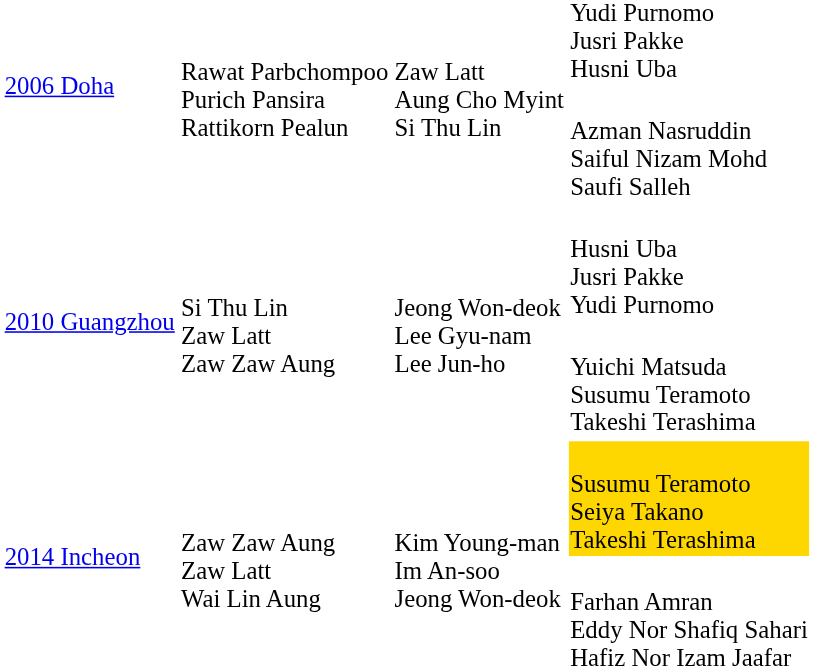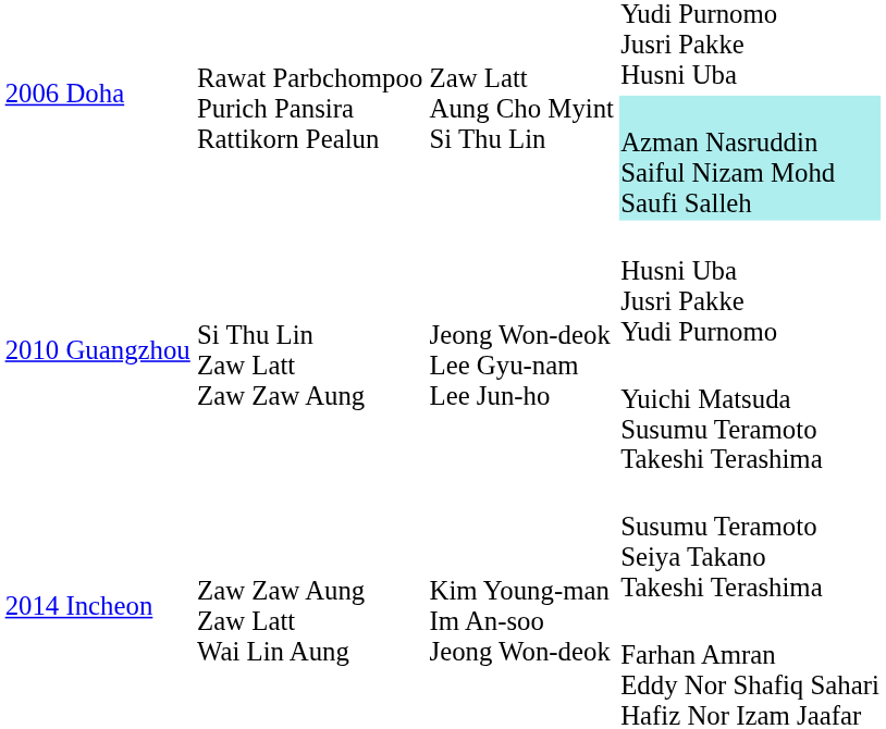 <table>
 <tr>
 <td rowspan=2><a href='#'>2006 Doha</a></td>
 <td rowspan=2><br>Rawat Parbchompoo<br>Purich Pansira<br>Rattikorn Pealun</td>
 <td rowspan=2><br>Zaw Latt<br>Aung Cho Myint<br>Si Thu Lin</td>
 <td><br>Yudi Purnomo<br>Jusri Pakke<br>Husni Uba</td>
 </tr>
 <tr>
-<td><br>Azman Nasruddin<br>Saiful Nizam Mohd<br>Saufi Salleh</td>
+<td style="background: paleturquoise;"><br>Azman Nasruddin<br>Saiful Nizam Mohd<br>Saufi Salleh</td>
 </tr>
 <tr>
 <td rowspan=2><a href='#'>2010 Guangzhou</a></td>
 <td rowspan=2><br>Si Thu Lin<br>Zaw Latt<br>Zaw Zaw Aung</td>
 <td rowspan=2><br>Jeong Won-deok<br>Lee Gyu-nam<br>Lee Jun-ho</td>
 <td><br>Husni Uba<br>Jusri Pakke<br>Yudi Purnomo</td>
 </tr>
 <tr>
 <td><br>Yuichi Matsuda<br>Susumu Teramoto<br>Takeshi Terashima</td>
 </tr>
 <tr>
 <td rowspan=2><a href='#'>2014 Incheon</a></td>
 <td rowspan=2><br>Zaw Zaw Aung<br>Zaw Latt<br>Wai Lin Aung</td>
 <td rowspan=2><br>Kim Young-man<br>Im An-soo<br>Jeong Won-deok</td>
-<td style="background: gold;"><br>Susumu Teramoto<br>Seiya Takano<br>Takeshi Terashima</td>
+<td><br>Susumu Teramoto<br>Seiya Takano<br>Takeshi Terashima</td>
 </tr>
 <tr>
 <td><br>Farhan Amran<br>Eddy Nor Shafiq Sahari<br>Hafiz Nor Izam Jaafar</td>
 </tr>
 </table>
